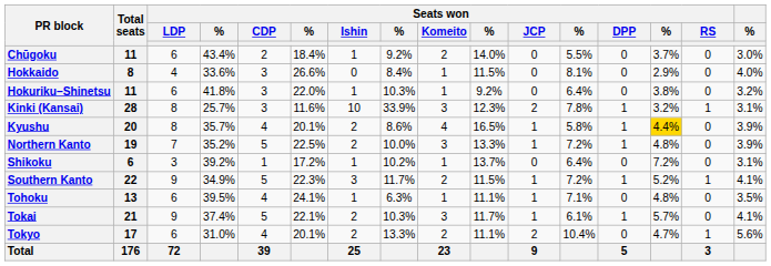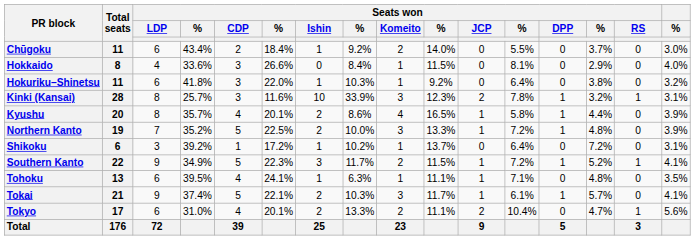 <table class="wikitable sortable" style="text-align:center; font-size: 0.9em;">
 <tr>
 <th rowspan="3">PR block</th>
 <th rowspan="3">Total<br>seats</th>
 <th colspan="13">Seats won</th>
 <th></th>
 </tr>
 <tr>
 <th class="unsortable" style="width:60px;"><a href='#'>LDP</a></th>
 <th>%</th>
 <th class="unsortable" style="width:60px;"><a href='#'>CDP</a></th>
 <th>%</th>
 <th class="unsortable" style="width:60px;"><a href='#'>Ishin</a></th>
 <th>%</th>
 <th class="unsortable" style="width:60px;"><a href='#'>Komeito</a></th>
 <th>%</th>
 <th class="unsortable" style="width:60px;"><a href='#'>JCP</a></th>
 <th>%</th>
 <th class="unsortable" style="width:60px;"><a href='#'>DPP</a></th>
 <th>%</th>
 <th class="unsortable" style="width:60px;"><a href='#'>RS</a></th>
 <th>%</th>
 </tr>
 <tr>
 <th colspan="2" style="background:"></th>
 <th colspan="2" style="background:"></th>
 <th colspan="2" style="background:"></th>
 <th colspan="2" style="background:"></th>
 <th colspan="2" style="background:"></th>
 <th colspan="2" style="background:"></th>
 <th colspan="2" style="background:"></th>
 </tr>
 <tr>
 <th style="text-align: left;"><a href='#'>Chūgoku</a></th>
 <th>11</th>
 <td>6</td>
 <td>43.4%</td>
 <td>2</td>
 <td>18.4%</td>
 <td>1</td>
 <td>9.2%</td>
 <td>2</td>
 <td>14.0%</td>
 <td>0</td>
 <td>5.5%</td>
 <td>0</td>
 <td>3.7%</td>
 <td>0</td>
 <td>3.0%</td>
 </tr>
 <tr>
 <th style="text-align: left;"><a href='#'>Hokkaido</a></th>
 <th>8</th>
 <td>4</td>
 <td>33.6%</td>
 <td>3</td>
 <td>26.6%</td>
 <td>0</td>
 <td>8.4%</td>
 <td>1</td>
 <td>11.5%</td>
 <td>0</td>
 <td>8.1%</td>
 <td>0</td>
 <td>2.9%</td>
 <td>0</td>
 <td>4.0%</td>
 </tr>
 <tr>
 <th style="text-align: left;"><a href='#'>Hokuriku–Shinetsu</a></th>
 <th>11</th>
 <td>6</td>
 <td>41.8%</td>
 <td>3</td>
 <td>22.0%</td>
 <td>1</td>
 <td>10.3%</td>
 <td>1</td>
 <td>9.2%</td>
 <td>0</td>
 <td>6.4%</td>
 <td>0</td>
 <td>3.8%</td>
 <td>0</td>
 <td>3.2%</td>
 </tr>
 <tr>
 <th style="text-align: left;"><a href='#'>Kinki (Kansai)</a></th>
 <th>28</th>
 <td>8</td>
 <td>25.7%</td>
 <td>3</td>
 <td>11.6%</td>
 <td>10</td>
 <td>33.9%</td>
 <td>3</td>
 <td>12.3%</td>
 <td>2</td>
 <td>7.8%</td>
 <td>1</td>
 <td>3.2%</td>
 <td>1</td>
 <td>3.1%</td>
 </tr>
 <tr>
 <th style="text-align: left;"><a href='#'>Kyushu</a></th>
 <th>20</th>
 <td>8</td>
 <td>35.7%</td>
 <td>4</td>
 <td>20.1%</td>
 <td>2</td>
 <td>8.6%</td>
 <td>4</td>
 <td>16.5%</td>
 <td>1</td>
 <td>5.8%</td>
 <td>1</td>
-<td style="background: gold;">4.4%</td>
+<td>4.4%</td>
 <td>0</td>
 <td>3.9%</td>
 </tr>
 <tr>
 <th style="text-align: left;"><a href='#'>Northern Kanto</a></th>
 <th>19</th>
 <td>7</td>
 <td>35.2%</td>
 <td>5</td>
 <td>22.5%</td>
 <td>2</td>
 <td>10.0%</td>
 <td>3</td>
 <td>13.3%</td>
 <td>1</td>
 <td>7.2%</td>
 <td>1</td>
 <td>4.8%</td>
 <td>0</td>
 <td>3.9%</td>
 </tr>
 <tr>
 <th style="text-align: left;"><a href='#'>Shikoku</a></th>
 <th>6</th>
 <td>3</td>
 <td>39.2%</td>
 <td>1</td>
 <td>17.2%</td>
 <td>1</td>
 <td>10.2%</td>
 <td>1</td>
 <td>13.7%</td>
 <td>0</td>
 <td>6.4%</td>
 <td>0</td>
 <td>7.2%</td>
 <td>0</td>
 <td>3.1%</td>
 </tr>
 <tr>
 <th style="text-align: left;"><a href='#'>Southern Kanto</a></th>
 <th>22</th>
 <td>9</td>
 <td>34.9%</td>
 <td>5</td>
 <td>22.3%</td>
 <td>3</td>
 <td>11.7%</td>
 <td>2</td>
 <td>11.5%</td>
 <td>1</td>
 <td>7.2%</td>
 <td>1</td>
 <td>5.2%</td>
 <td>1</td>
 <td>4.1%</td>
 </tr>
 <tr>
 <th style="text-align: left;"><a href='#'>Tohoku</a></th>
 <th>13</th>
 <td>6</td>
 <td>39.5%</td>
 <td>4</td>
 <td>24.1%</td>
 <td>1</td>
 <td>6.3%</td>
 <td>1</td>
 <td>11.1%</td>
 <td>1</td>
 <td>7.1%</td>
 <td>0</td>
 <td>4.8%</td>
 <td>0</td>
 <td>3.5%</td>
 </tr>
 <tr>
 <th style="text-align: left;"><a href='#'>Tokai</a></th>
 <th>21</th>
 <td>9</td>
 <td>37.4%</td>
 <td>5</td>
 <td>22.1%</td>
 <td>2</td>
 <td>10.3%</td>
 <td>3</td>
 <td>11.7%</td>
 <td>1</td>
 <td>6.1%</td>
 <td>1</td>
 <td>5.7%</td>
 <td>0</td>
 <td>4.1%</td>
 </tr>
 <tr>
 <th style="text-align: left;"><a href='#'>Tokyo</a></th>
 <th>17</th>
 <td>6</td>
 <td>31.0%</td>
 <td>4</td>
 <td>20.1%</td>
 <td>2</td>
 <td>13.3%</td>
 <td>2</td>
 <td>11.1%</td>
 <td>2</td>
 <td>10.4%</td>
 <td>0</td>
 <td>4.7%</td>
 <td>1</td>
 <td>5.6%</td>
 </tr>
 <tr class="sortbottom">
 <th style="text-align: left;">Total</th>
 <th>176</th>
 <th>72</th>
 <th></th>
 <th>39</th>
 <th></th>
 <th>25</th>
 <th></th>
 <th>23</th>
 <th></th>
 <th>9</th>
 <th></th>
 <th>5</th>
 <th></th>
 <th>3</th>
 <th></th>
 </tr>
 </table>
